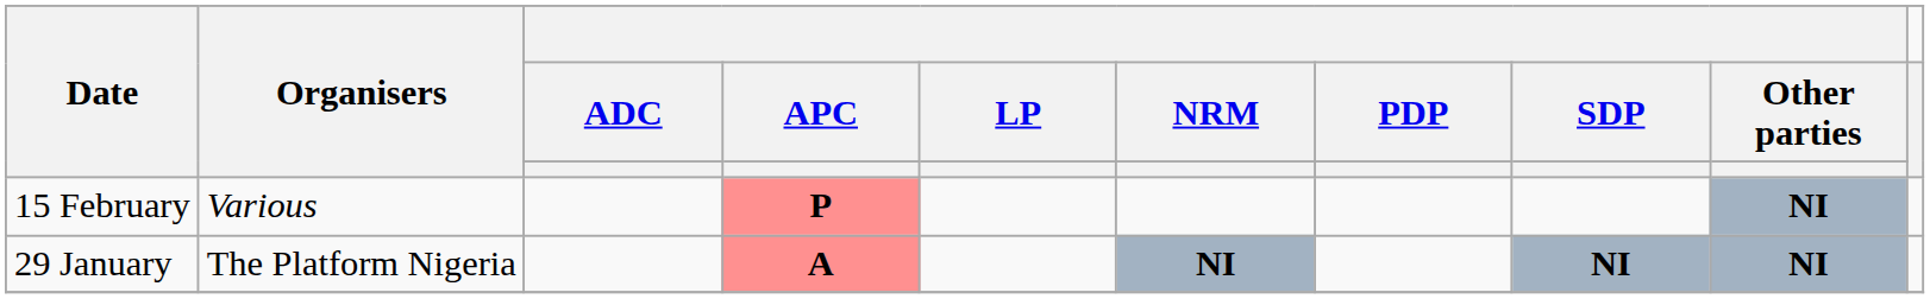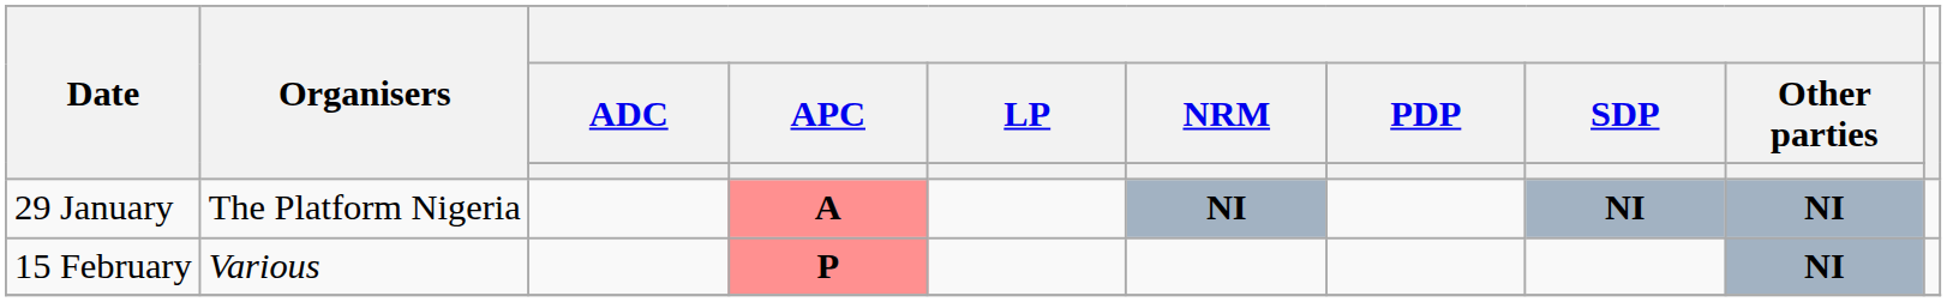 <table class="wikitable" style="text-align:center;">
 <tr>
 <th rowspan="3">Date</th>
 <th rowspan="3">Organisers</th>
 <th colspan="7">    <br>   </th>
 </tr>
 <tr>
 <th scope="col" style="width:5em;"><a href='#'>ADC</a></th>
 <th scope="col" style="width:5em;"><a href='#'>APC</a></th>
 <th scope="col" style="width:5em;"><a href='#'>LP</a></th>
 <th scope="col" style="width:5em;"><a href='#'>NRM</a></th>
 <th scope="col" style="width:5em;"><a href='#'>PDP</a></th>
 <th scope="col" style="width:5em;"><a href='#'>SDP</a></th>
 <th scope="col" style="width:5em;">Other parties</th>
 <th rowspan="2"></th>
 </tr>
 <tr>
 <th style="background:"></th>
 <th style="background:"></th>
 <th style="background:"></th>
 <th style="background:"></th>
 <th style="background:"></th>
 <th style="background:"></th>
 <th style="background:"></th>
 </tr>
 <tr>
+<td style="white-space:nowrap; text-align:left;">29 January</td>
+<td style="white-space:nowrap; text-align:left;">The Platform Nigeria</td>
+<td></td>
+<td style="background:#FF9090;"><strong>A</strong><br></td>
+<td></td>
+<td style="background:#A2B2C2;"><strong>NI</strong><br></td>
+<td></td>
+<td style="background:#A2B2C2;"><strong>NI</strong><br></td>
+<td style="background:#A2B2C2;"><strong>NI</strong><br></td>
+<td></td>
+</tr>
+<tr>
 <td style="white-space:nowrap; text-align:left;">15 February</td>
 <td style="white-space:nowrap; text-align:left;"><em><abbr>Various</abbr></em></td>
 <td></td>
 <td style="background:#FF9090;"><strong>P</strong><br></td>
 <td></td>
 <td></td>
 <td></td>
 <td></td>
 <td style="background:#A2B2C2;"><strong>NI</strong><br></td>
 <td></td>
 </tr>
 <tr>
-<td style="white-space:nowrap; text-align:left;">29 January</td>
-<td style="white-space:nowrap; text-align:left;">The Platform Nigeria</td>
-<td></td>
-<td style="background:#FF9090;"><strong>A</strong><br></td>
-<td></td>
-<td style="background:#A2B2C2;"><strong>NI</strong><br></td>
-<td></td>
-<td style="background:#A2B2C2;"><strong>NI</strong><br></td>
-<td style="background:#A2B2C2;"><strong>NI</strong><br></td>
-<td></td>
-</tr>
-<tr>
 </tr>
 </table>
